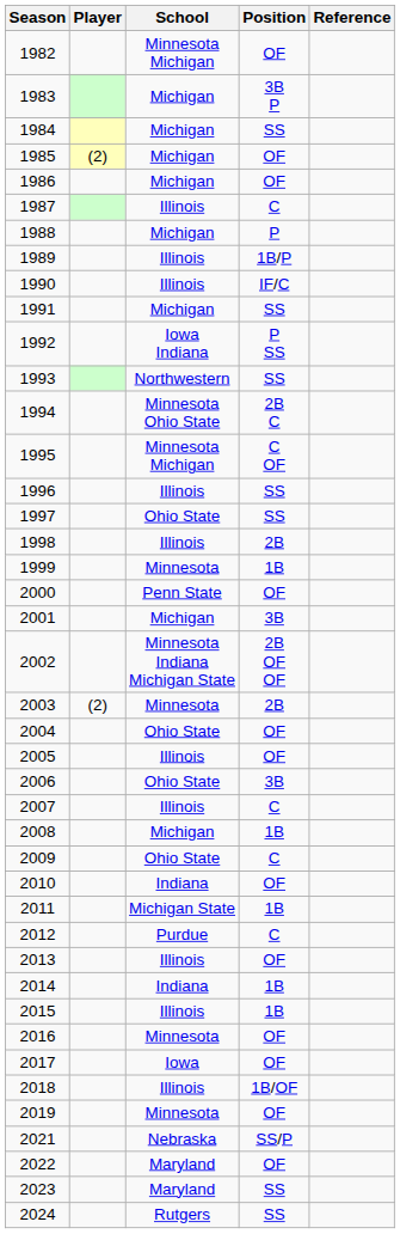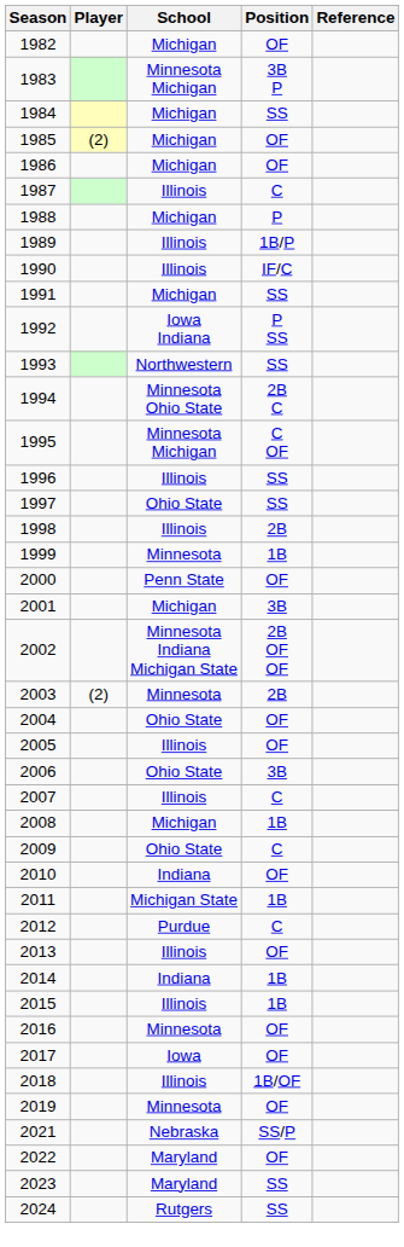 <table class="wikitable sortable">
 <tr>
 <th>Season</th>
 <th>Player</th>
 <th>School</th>
 <th>Position</th>
 <th class="unsortable">Reference</th>
 </tr>
 <tr align=center>
 <td>1982</td>
 <td></td>
-<td><a href='#'>Minnesota</a><br><a href='#'>Michigan</a></td>
+<td><a href='#'>Michigan</a></td>
 <td><a href='#'>OF</a></td>
 <td style="text-align:center;"></td>
 </tr>
 <tr align=center>
 <td>1983</td>
 <td style="background:#cfc;"><br> </td>
-<td><a href='#'>Michigan</a></td>
+<td><a href='#'>Minnesota</a><br><a href='#'>Michigan</a></td>
 <td><a href='#'>3B</a><br><a href='#'>P</a></td>
 <td style="text-align:center;"></td>
 </tr>
 <tr align=center>
 <td>1984</td>
 <td style="background:#ffffbb;"></td>
 <td><a href='#'>Michigan</a></td>
 <td><a href='#'>SS</a></td>
 <td style="text-align:center;"></td>
 </tr>
 <tr align=center>
 <td>1985</td>
 <td style="background:#ffffbb;"> (2)</td>
 <td><a href='#'>Michigan</a></td>
 <td><a href='#'>OF</a></td>
 <td style="text-align:center;"></td>
 </tr>
 <tr align=center>
 <td>1986</td>
 <td></td>
 <td><a href='#'>Michigan</a></td>
 <td><a href='#'>OF</a></td>
 <td style="text-align:center;"></td>
 </tr>
 <tr align=center>
 <td>1987</td>
 <td style="background:#cfc;"></td>
 <td><a href='#'>Illinois</a></td>
 <td><a href='#'>C</a></td>
 <td style="text-align:center;"></td>
 </tr>
 <tr align=center>
 <td>1988</td>
 <td></td>
 <td><a href='#'>Michigan</a></td>
 <td><a href='#'>P</a></td>
 <td style="text-align:center;"></td>
 </tr>
 <tr align=center>
 <td>1989</td>
 <td></td>
 <td><a href='#'>Illinois</a></td>
 <td><a href='#'>1B</a>/<a href='#'>P</a></td>
 <td style="text-align:center;"></td>
 </tr>
 <tr align=center>
 <td>1990</td>
 <td></td>
 <td><a href='#'>Illinois</a></td>
 <td><a href='#'>IF</a>/<a href='#'>C</a></td>
 <td style="text-align:center;"></td>
 </tr>
 <tr align=center>
 <td>1991</td>
 <td></td>
 <td><a href='#'>Michigan</a></td>
 <td><a href='#'>SS</a></td>
 <td style="text-align:center;"></td>
 </tr>
 <tr align=center>
 <td>1992</td>
 <td><br></td>
 <td><a href='#'>Iowa</a><br><a href='#'>Indiana</a></td>
 <td><a href='#'>P</a><br><a href='#'>SS</a></td>
 <td style="text-align:center;"></td>
 </tr>
 <tr align=center>
 <td>1993</td>
 <td style="background:#cfc;"></td>
 <td><a href='#'>Northwestern</a></td>
 <td><a href='#'>SS</a></td>
 <td style="text-align:center;"></td>
 </tr>
 <tr align=center>
 <td>1994</td>
 <td><br></td>
 <td><a href='#'>Minnesota</a><br><a href='#'>Ohio State</a></td>
 <td><a href='#'>2B</a><br><a href='#'>C</a></td>
 <td style="text-align:center;"></td>
 </tr>
 <tr align=center>
 <td>1995</td>
 <td><br></td>
 <td><a href='#'>Minnesota</a><br><a href='#'>Michigan</a></td>
 <td><a href='#'>C</a><br><a href='#'>OF</a></td>
 <td style="text-align:center;"></td>
 </tr>
 <tr align=center>
 <td>1996</td>
 <td></td>
 <td><a href='#'>Illinois</a></td>
 <td><a href='#'>SS</a></td>
 <td style="text-align:center;"></td>
 </tr>
 <tr align=center>
 <td>1997</td>
 <td></td>
 <td><a href='#'>Ohio State</a></td>
 <td><a href='#'>SS</a></td>
 <td style="text-align:center;"></td>
 </tr>
 <tr align=center>
 <td>1998</td>
 <td></td>
 <td><a href='#'>Illinois</a></td>
 <td><a href='#'>2B</a></td>
 <td style="text-align:center;"></td>
 </tr>
 <tr align=center>
 <td>1999</td>
 <td></td>
 <td><a href='#'>Minnesota</a></td>
 <td><a href='#'>1B</a></td>
 <td style="text-align:center;"></td>
 </tr>
 <tr align=center>
 <td>2000</td>
 <td></td>
 <td><a href='#'>Penn State</a></td>
 <td><a href='#'>OF</a></td>
 <td style="text-align:center;"></td>
 </tr>
 <tr align=center>
 <td>2001</td>
 <td></td>
 <td><a href='#'>Michigan</a></td>
 <td><a href='#'>3B</a></td>
 <td style="text-align:center;"></td>
 </tr>
 <tr align=center>
 <td>2002</td>
 <td><br><br></td>
 <td><a href='#'>Minnesota</a><br><a href='#'>Indiana</a><br><a href='#'>Michigan State</a></td>
 <td><a href='#'>2B</a><br><a href='#'>OF</a><br><a href='#'>OF</a></td>
 <td style="text-align:center;"></td>
 </tr>
 <tr align=center>
 <td>2003</td>
 <td> (2)</td>
 <td><a href='#'>Minnesota</a></td>
 <td><a href='#'>2B</a></td>
 <td style="text-align:center;"></td>
 </tr>
 <tr align=center>
 <td>2004</td>
 <td></td>
 <td><a href='#'>Ohio State</a></td>
 <td><a href='#'>OF</a></td>
 <td style="text-align:center;"></td>
 </tr>
 <tr align=center>
 <td>2005</td>
 <td></td>
 <td><a href='#'>Illinois</a></td>
 <td><a href='#'>OF</a></td>
 <td style="text-align:center;"></td>
 </tr>
 <tr align=center>
 <td>2006</td>
 <td></td>
 <td><a href='#'>Ohio State</a></td>
 <td><a href='#'>3B</a></td>
 <td style="text-align:center;"></td>
 </tr>
 <tr align=center>
 <td>2007</td>
 <td></td>
 <td><a href='#'>Illinois</a></td>
 <td><a href='#'>C</a></td>
 <td style="text-align:center;"></td>
 </tr>
 <tr align=center>
 <td>2008</td>
 <td></td>
 <td><a href='#'>Michigan</a></td>
 <td><a href='#'>1B</a></td>
 <td style="text-align:center;"></td>
 </tr>
 <tr align=center>
 <td>2009</td>
 <td></td>
 <td><a href='#'>Ohio State</a></td>
 <td><a href='#'>C</a></td>
 <td style="text-align:center;"></td>
 </tr>
 <tr align=center>
 <td>2010</td>
 <td></td>
 <td><a href='#'>Indiana</a></td>
 <td><a href='#'>OF</a></td>
 <td style="text-align:center;"></td>
 </tr>
 <tr align=center>
 <td>2011</td>
 <td></td>
 <td><a href='#'>Michigan State</a></td>
 <td><a href='#'>1B</a></td>
 <td style="text-align:center;"></td>
 </tr>
 <tr align=center>
 <td>2012</td>
 <td></td>
 <td><a href='#'>Purdue</a></td>
 <td><a href='#'>C</a></td>
 <td style="text-align:center;"></td>
 </tr>
 <tr align=center>
 <td>2013</td>
 <td></td>
 <td><a href='#'>Illinois</a></td>
 <td><a href='#'>OF</a></td>
 <td style="text-align:center;"></td>
 </tr>
 <tr align=center>
 <td>2014</td>
 <td></td>
 <td><a href='#'>Indiana</a></td>
 <td><a href='#'>1B</a></td>
 <td style="text-align:center;"></td>
 </tr>
 <tr align=center>
 <td>2015</td>
 <td></td>
 <td><a href='#'>Illinois</a></td>
 <td><a href='#'>1B</a></td>
 <td style="text-align:center;"></td>
 </tr>
 <tr align=center>
 <td>2016</td>
 <td></td>
 <td><a href='#'>Minnesota</a></td>
 <td><a href='#'>OF</a></td>
 <td style="text-align:center;"></td>
 </tr>
 <tr align=center>
 <td>2017</td>
 <td></td>
 <td><a href='#'>Iowa</a></td>
 <td><a href='#'>OF</a></td>
 <td style="text-align:center;"></td>
 </tr>
 <tr align=center>
 <td>2018</td>
 <td></td>
 <td><a href='#'>Illinois</a></td>
 <td><a href='#'>1B</a>/<a href='#'>OF</a></td>
 <td style="text-align:center;"></td>
 </tr>
 <tr align=center>
 <td>2019</td>
 <td></td>
 <td><a href='#'>Minnesota</a></td>
 <td><a href='#'>OF</a></td>
 <td style="text-align:center;"></td>
 </tr>
 <tr align=center>
 <td>2021</td>
 <td></td>
 <td><a href='#'>Nebraska</a></td>
 <td><a href='#'>SS</a>/<a href='#'>P</a></td>
 <td style="text-align:center;"></td>
 </tr>
 <tr align=center>
 <td>2022</td>
 <td></td>
 <td><a href='#'>Maryland</a></td>
 <td><a href='#'>OF</a></td>
 <td style="text-align:center;"></td>
 </tr>
 <tr align=center>
 <td>2023</td>
 <td></td>
 <td><a href='#'>Maryland</a></td>
 <td><a href='#'>SS</a></td>
 <td style="text-align:center;"></td>
 </tr>
 <tr align=center>
 <td>2024</td>
 <td></td>
 <td><a href='#'>Rutgers</a></td>
 <td><a href='#'>SS</a></td>
 <td style="text-align:center;"></td>
 </tr>
 </table>
